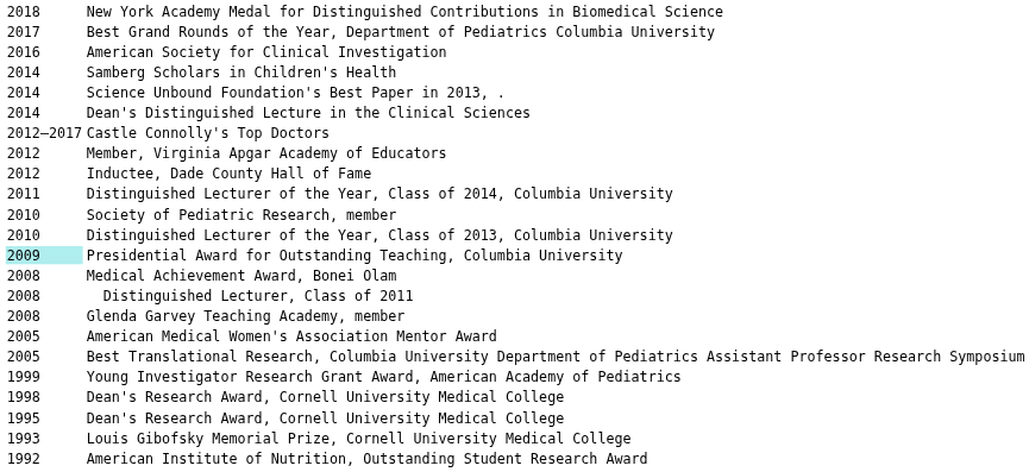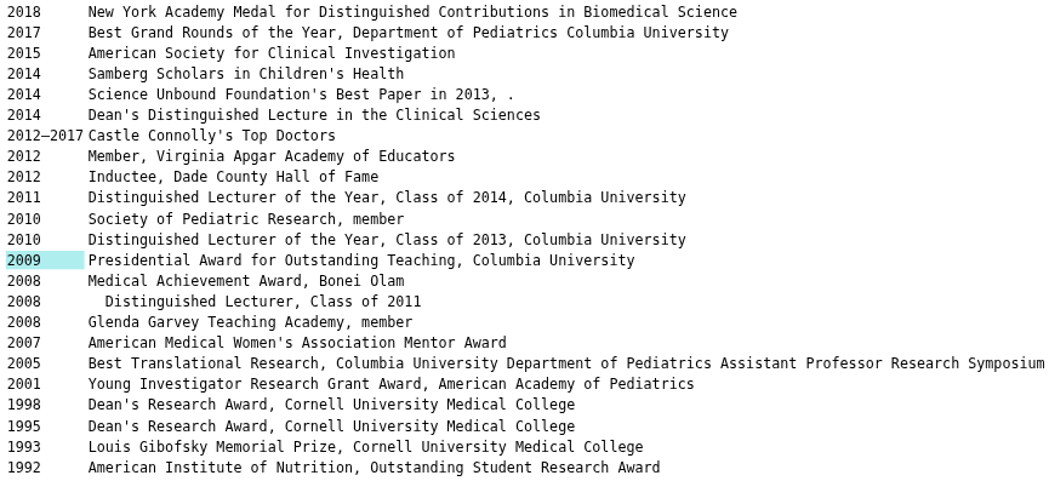 <table>
 <tr>
 <td>2018</td>
 <td>New York Academy Medal for Distinguished Contributions in Biomedical Science</td>
 </tr>
 <tr>
 <td>2017</td>
 <td>Best Grand Rounds of the Year, Department of Pediatrics Columbia University</td>
 </tr>
 <tr>
-<td>2016</td>
+<td>2015</td>
 <td>American Society for Clinical Investigation</td>
 </tr>
 <tr>
 <td>2014</td>
 <td>Samberg Scholars in Children's Health</td>
 </tr>
 <tr>
 <td>2014</td>
 <td>Science Unbound Foundation's Best Paper in 2013, .</td>
 </tr>
 <tr>
 <td>2014</td>
 <td>Dean's Distinguished Lecture in the Clinical Sciences</td>
 </tr>
 <tr>
 <td>2012–2017</td>
 <td>Castle Connolly's Top Doctors</td>
 </tr>
 <tr>
 <td>2012</td>
 <td>Member, Virginia Apgar Academy of Educators</td>
 </tr>
 <tr>
 <td>2012</td>
 <td>Inductee, Dade County Hall of Fame</td>
 </tr>
 <tr>
 <td>2011</td>
 <td>Distinguished Lecturer of the Year, Class of 2014, Columbia University</td>
 </tr>
 <tr>
 <td>2010</td>
 <td>Society of Pediatric Research, member</td>
 </tr>
 <tr>
 <td>2010</td>
 <td>Distinguished Lecturer of the Year, Class of 2013, Columbia University</td>
 </tr>
 <tr>
 <td style="background: paleturquoise;">2009</td>
 <td>Presidential Award for Outstanding Teaching, Columbia University</td>
 </tr>
 <tr>
 <td>2008</td>
 <td>Medical Achievement Award, Bonei Olam</td>
 </tr>
 <tr>
 <td>2008</td>
 <td>  Distinguished Lecturer, Class of 2011</td>
 </tr>
 <tr>
 <td>2008</td>
 <td>Glenda Garvey Teaching Academy, member</td>
 </tr>
 <tr>
-<td>2005</td>
+<td>2007</td>
 <td>American Medical Women's Association Mentor Award</td>
 </tr>
 <tr>
 <td>2005</td>
 <td>Best Translational Research, Columbia University Department of Pediatrics Assistant Professor Research Symposium</td>
 </tr>
 <tr>
-<td>1999</td>
+<td>2001</td>
 <td>Young Investigator Research Grant Award, American Academy of Pediatrics</td>
 </tr>
 <tr>
 <td>1998</td>
 <td>Dean's Research Award, Cornell University Medical College</td>
 </tr>
 <tr>
 <td>1995</td>
 <td>Dean's Research Award, Cornell University Medical College</td>
 </tr>
 <tr>
 <td>1993</td>
 <td>Louis Gibofsky Memorial Prize, Cornell University Medical College</td>
 </tr>
 <tr>
 <td>1992</td>
 <td>American Institute of Nutrition, Outstanding Student Research Award</td>
 </tr>
 </table>
